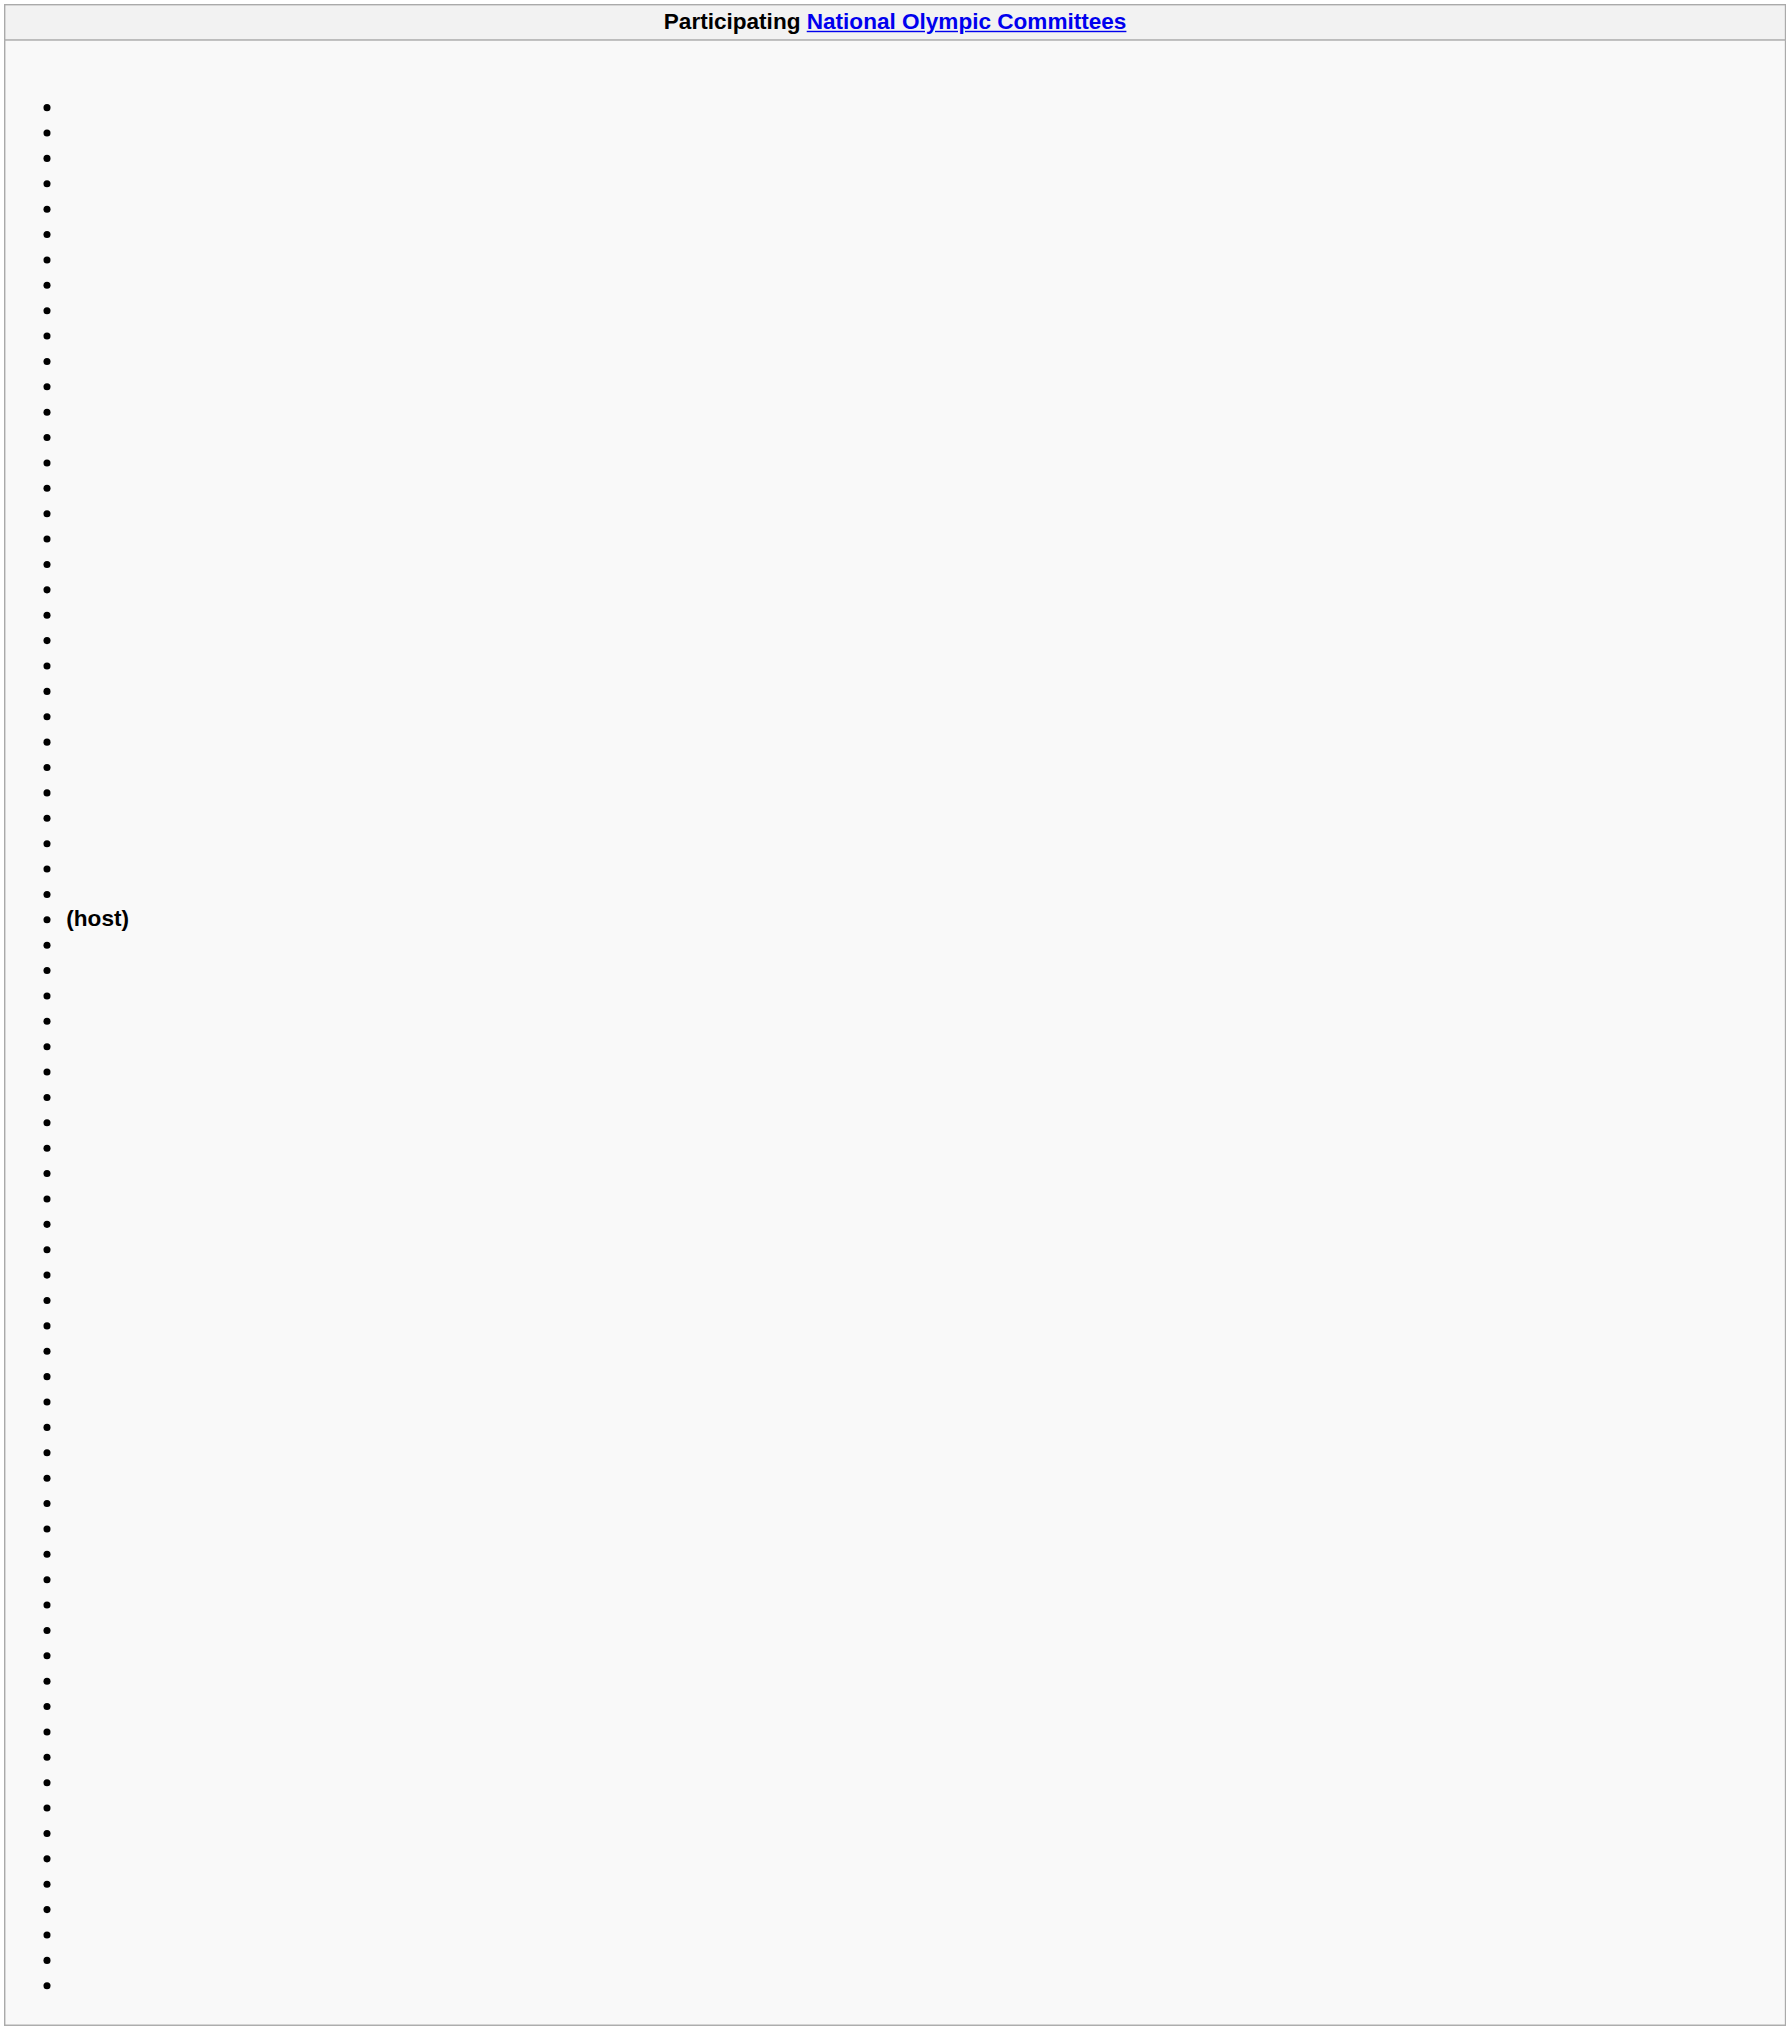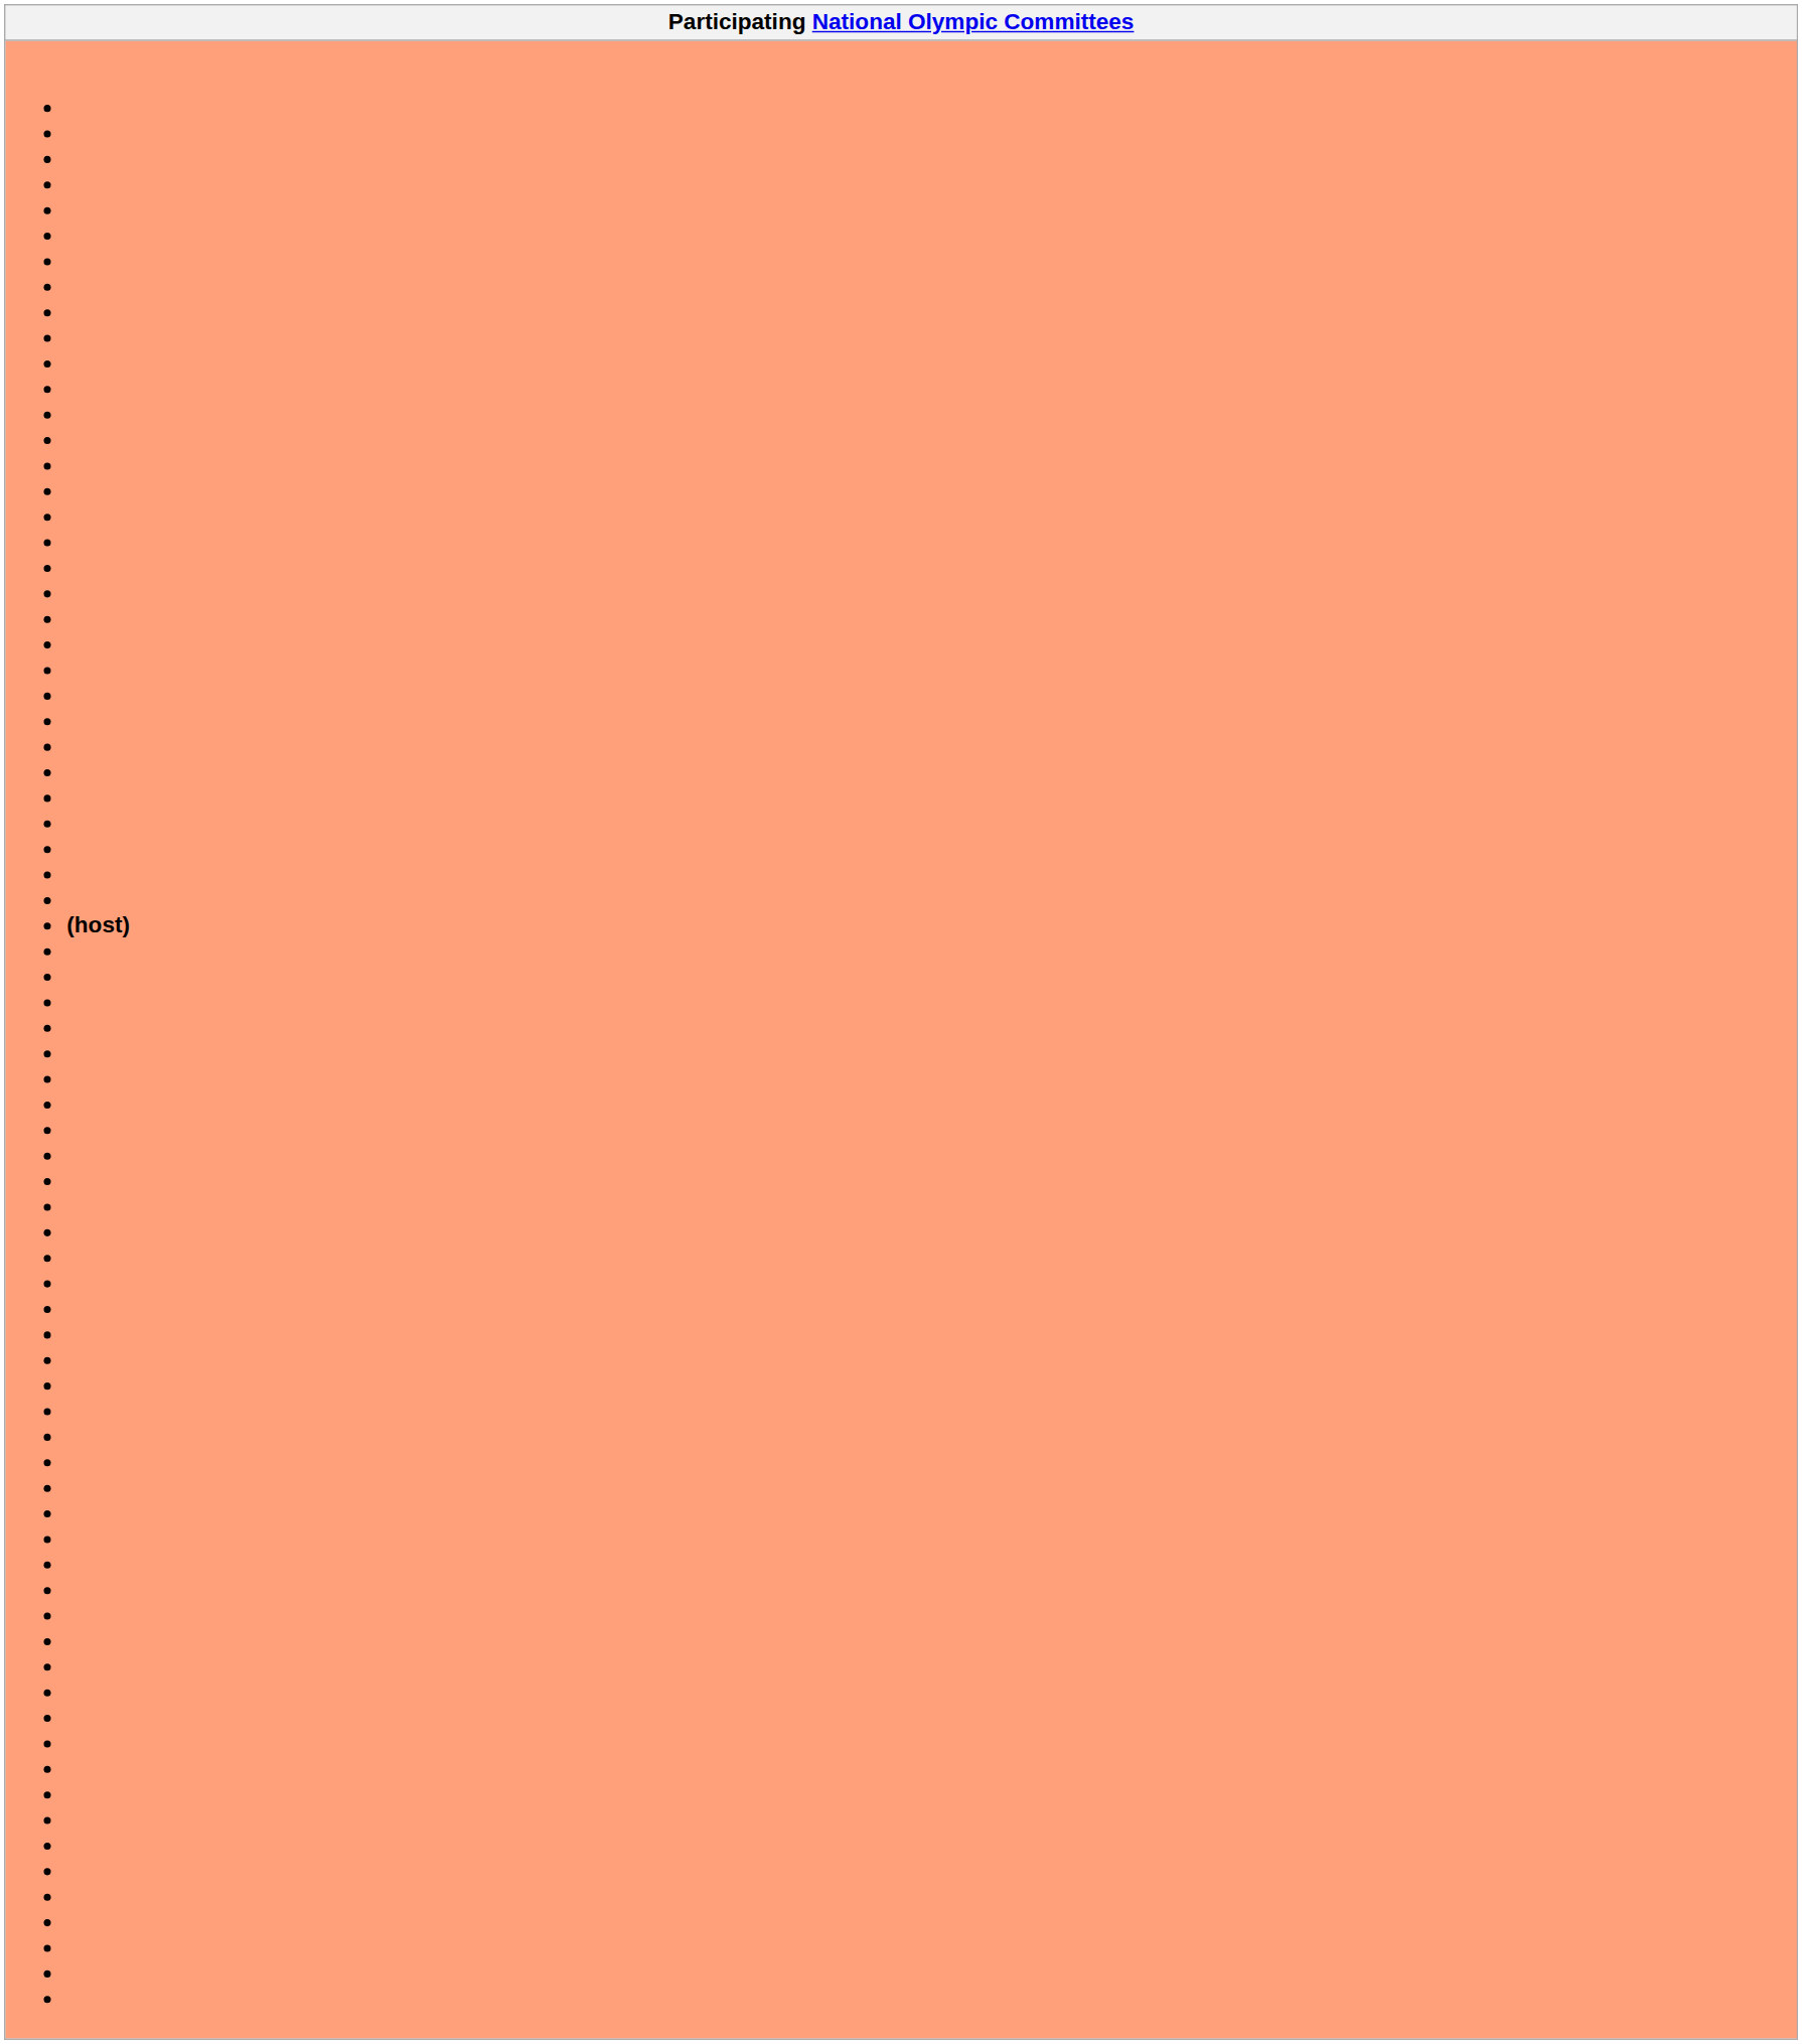 <table class="wikitable collapsible" style="margin:1em auto; width:100%;">
 <tr>
 <th>Participating <a href='#'>National Olympic Committees</a></th>
 </tr>
 <tr>
-<td><br><ul><li></li><li></li><li></li><li></li><li></li><li></li><li></li><li></li><li></li><li></li><li></li><li></li><li></li><li></li><li></li><li></li><li></li><li></li><li></li><li></li><li></li><li></li><li></li><li></li><li></li><li></li><li></li><li></li><li></li><li></li><li></li><li></li><li>  <strong>(host)</strong></li><li></li><li></li><li></li><li></li><li></li><li></li><li></li><li></li><li></li><li></li><li></li><li></li><li></li><li></li><li></li><li></li><li></li><li></li><li></li><li></li><li></li><li></li><li></li><li></li><li></li><li></li><li></li><li></li><li></li><li></li><li></li><li></li><li></li><li></li><li></li><li></li><li></li><li></li><li></li><li></li><li></li><li></li></ul></td>
+<td style="background: lightsalmon;"><br><ul><li></li><li></li><li></li><li></li><li></li><li></li><li></li><li></li><li></li><li></li><li></li><li></li><li></li><li></li><li></li><li></li><li></li><li></li><li></li><li></li><li></li><li></li><li></li><li></li><li></li><li></li><li></li><li></li><li></li><li></li><li></li><li></li><li>  <strong>(host)</strong></li><li></li><li></li><li></li><li></li><li></li><li></li><li></li><li></li><li></li><li></li><li></li><li></li><li></li><li></li><li></li><li></li><li></li><li></li><li></li><li></li><li></li><li></li><li></li><li></li><li></li><li></li><li></li><li></li><li></li><li></li><li></li><li></li><li></li><li></li><li></li><li></li><li></li><li></li><li></li><li></li><li></li><li></li></ul></td>
 </tr>
 </table>
